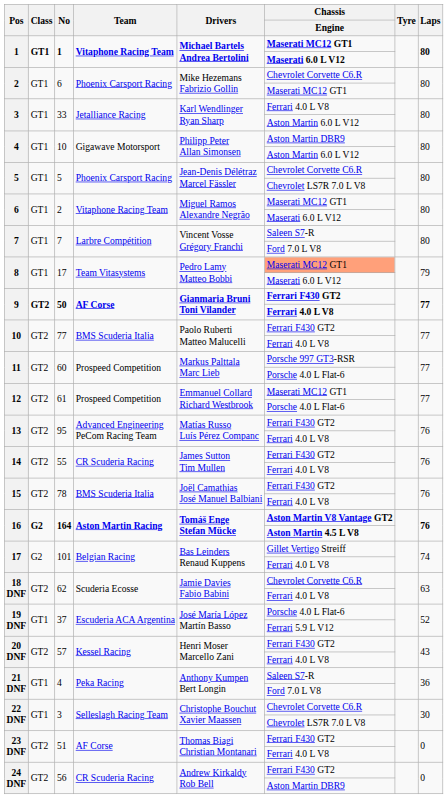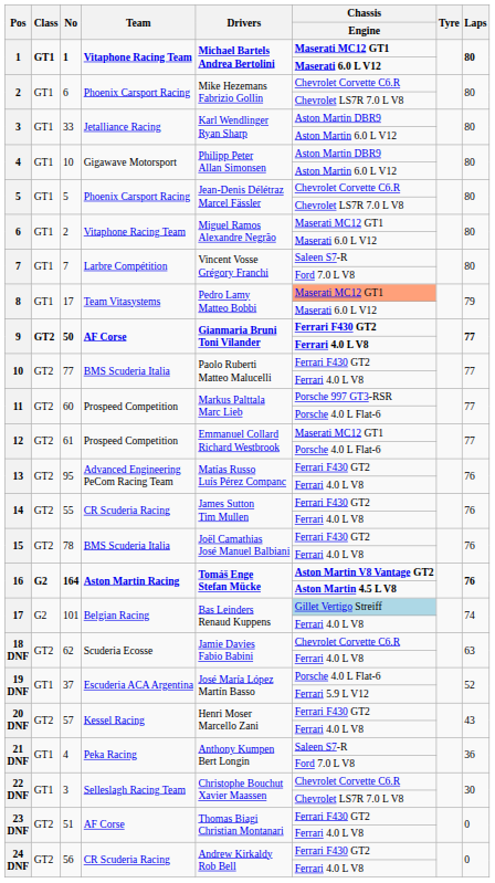 <table class="wikitable" style="font-size: 95%;">
 <tr>
 <th rowspan=2>Pos</th>
 <th rowspan=2>Class</th>
 <th rowspan=2>No</th>
 <th rowspan=2>Team</th>
 <th rowspan=2>Drivers</th>
 <th>Chassis</th>
 <th rowspan=2>Tyre</th>
 <th rowspan=2>Laps</th>
 </tr>
 <tr>
 <th>Engine</th>
 </tr>
 <tr style="font-weight:bold">
 <th rowspan=2>1</th>
 <td rowspan=2>GT1</td>
 <td rowspan=2>1</td>
 <td rowspan=2> <a href='#'>Vitaphone Racing Team</a></td>
 <td rowspan=2> <a href='#'>Michael Bartels</a><br> <a href='#'>Andrea Bertolini</a></td>
 <td><a href='#'>Maserati MC12</a> GT1</td>
 <td rowspan=2></td>
 <td rowspan=2>80</td>
 </tr>
 <tr style="font-weight:bold">
 <td><a href='#'>Maserati</a> 6.0 L V12</td>
 </tr>
 <tr>
 <th rowspan=2>2</th>
 <td rowspan=2>GT1</td>
 <td rowspan=2>6</td>
 <td rowspan=2> <a href='#'>Phoenix Carsport Racing</a></td>
 <td rowspan=2> Mike Hezemans<br> <a href='#'>Fabrizio Gollin</a></td>
 <td><a href='#'>Chevrolet Corvette C6.R</a></td>
 <td rowspan=2></td>
 <td rowspan=2>80</td>
 </tr>
 <tr>
-<td><a href='#'>Maserati MC12</a> GT1</td>
+<td><a href='#'>Chevrolet</a> LS7R 7.0 L V8</td>
 </tr>
 <tr>
 <th rowspan=2>3</th>
 <td rowspan=2>GT1</td>
 <td rowspan=2>33</td>
 <td rowspan=2> <a href='#'>Jetalliance Racing</a></td>
 <td rowspan=2> <a href='#'>Karl Wendlinger</a><br> <a href='#'>Ryan Sharp</a></td>
-<td><a href='#'>Ferrari</a> 4.0 L V8</td>
+<td><a href='#'>Aston Martin DBR9</a></td>
 <td rowspan=2></td>
 <td rowspan=2>80</td>
 </tr>
 <tr>
 <td><a href='#'>Aston Martin</a> 6.0 L V12</td>
 </tr>
 <tr>
 <th rowspan=2>4</th>
 <td rowspan=2>GT1</td>
 <td rowspan=2>10</td>
 <td rowspan=2> Gigawave Motorsport</td>
 <td rowspan=2> <a href='#'>Philipp Peter</a><br> <a href='#'>Allan Simonsen</a></td>
 <td><a href='#'>Aston Martin DBR9</a></td>
 <td rowspan=2></td>
 <td rowspan=2>80</td>
 </tr>
 <tr>
 <td><a href='#'>Aston Martin</a> 6.0 L V12</td>
 </tr>
 <tr>
 <th rowspan=2>5</th>
 <td rowspan=2>GT1</td>
 <td rowspan=2>5</td>
 <td rowspan=2> <a href='#'>Phoenix Carsport Racing</a></td>
 <td rowspan=2> <a href='#'>Jean-Denis Délétraz</a><br> <a href='#'>Marcel Fässler</a></td>
 <td><a href='#'>Chevrolet Corvette C6.R</a></td>
 <td rowspan=2></td>
 <td rowspan=2>80</td>
 </tr>
 <tr>
 <td><a href='#'>Chevrolet</a> LS7R 7.0 L V8</td>
 </tr>
 <tr>
 <th rowspan=2>6</th>
 <td rowspan=2>GT1</td>
 <td rowspan=2>2</td>
 <td rowspan=2> <a href='#'>Vitaphone Racing Team</a></td>
 <td rowspan=2> <a href='#'>Miguel Ramos</a><br> <a href='#'>Alexandre Negrão</a></td>
 <td><a href='#'>Maserati MC12</a> GT1</td>
 <td rowspan=2></td>
 <td rowspan=2>80</td>
 </tr>
 <tr>
 <td><a href='#'>Maserati</a> 6.0 L V12</td>
 </tr>
 <tr>
 <th rowspan=2>7</th>
 <td rowspan=2>GT1</td>
 <td rowspan=2>7</td>
 <td rowspan=2> <a href='#'>Larbre Compétition</a></td>
 <td rowspan=2> Vincent Vosse<br> <a href='#'>Grégory Franchi</a></td>
 <td><a href='#'>Saleen S7</a>-R</td>
 <td rowspan=2></td>
 <td rowspan=2>80</td>
 </tr>
 <tr>
 <td><a href='#'>Ford</a> 7.0 L V8</td>
 </tr>
 <tr>
 <th rowspan=2>8</th>
 <td rowspan=2>GT1</td>
 <td rowspan=2>17</td>
 <td rowspan=2> <a href='#'>Team Vitasystems</a></td>
 <td rowspan=2> <a href='#'>Pedro Lamy</a><br> <a href='#'>Matteo Bobbi</a></td>
 <td style="background: lightsalmon;"><a href='#'>Maserati MC12</a> GT1</td>
 <td rowspan=2></td>
 <td rowspan=2>79</td>
 </tr>
 <tr>
 <td><a href='#'>Maserati</a> 6.0 L V12</td>
 </tr>
 <tr style="font-weight:bold">
 <th rowspan=2>9</th>
 <td rowspan=2>GT2</td>
 <td rowspan=2>50</td>
 <td rowspan=2> <a href='#'>AF Corse</a></td>
 <td rowspan=2> <a href='#'>Gianmaria Bruni</a><br> <a href='#'>Toni Vilander</a></td>
 <td><a href='#'>Ferrari F430</a> GT2</td>
 <td rowspan=2></td>
 <td rowspan=2>77</td>
 </tr>
 <tr style="font-weight:bold">
 <td><a href='#'>Ferrari</a> 4.0 L V8</td>
 </tr>
 <tr>
 <th rowspan=2>10</th>
 <td rowspan=2>GT2</td>
 <td rowspan=2>77</td>
 <td rowspan=2> <a href='#'>BMS Scuderia Italia</a></td>
 <td rowspan=2> Paolo Ruberti<br> Matteo Malucelli</td>
 <td><a href='#'>Ferrari F430</a> GT2</td>
 <td rowspan=2></td>
 <td rowspan=2>77</td>
 </tr>
 <tr>
 <td><a href='#'>Ferrari</a> 4.0 L V8</td>
 </tr>
 <tr>
 <th rowspan=2>11</th>
 <td rowspan=2>GT2</td>
 <td rowspan=2>60</td>
 <td rowspan=2> Prospeed Competition</td>
 <td rowspan=2> <a href='#'>Markus Palttala</a><br> <a href='#'>Marc Lieb</a></td>
 <td><a href='#'>Porsche 997 GT3</a>-RSR</td>
 <td rowspan=2></td>
 <td rowspan=2>77</td>
 </tr>
 <tr>
 <td><a href='#'>Porsche</a> 4.0 L Flat-6</td>
 </tr>
 <tr>
 <th rowspan=2>12</th>
 <td rowspan=2>GT2</td>
 <td rowspan=2>61</td>
 <td rowspan=2> Prospeed Competition</td>
 <td rowspan=2> <a href='#'>Emmanuel Collard</a><br> <a href='#'>Richard Westbrook</a></td>
 <td><a href='#'>Maserati MC12</a> GT1</td>
 <td rowspan=2></td>
 <td rowspan=2>77</td>
 </tr>
 <tr>
 <td><a href='#'>Porsche</a> 4.0 L Flat-6</td>
 </tr>
 <tr>
 <th rowspan=2>13</th>
 <td rowspan=2>GT2</td>
 <td rowspan=2>95</td>
 <td rowspan=2> <a href='#'>Advanced Engineering</a><br> PeCom Racing Team</td>
 <td rowspan=2> <a href='#'>Matías Russo</a><br> <a href='#'>Luís Pérez Companc</a></td>
 <td><a href='#'>Ferrari F430</a> GT2</td>
 <td rowspan=2></td>
 <td rowspan=2>76</td>
 </tr>
 <tr>
 <td><a href='#'>Ferrari</a> 4.0 L V8</td>
 </tr>
 <tr>
 <th rowspan=2>14</th>
 <td rowspan=2>GT2</td>
 <td rowspan=2>55</td>
 <td rowspan=2> <a href='#'>CR Scuderia Racing</a></td>
 <td rowspan=2> <a href='#'>James Sutton</a><br> <a href='#'>Tim Mullen</a></td>
 <td><a href='#'>Ferrari F430</a> GT2</td>
 <td rowspan=2></td>
 <td rowspan=2>76</td>
 </tr>
 <tr>
 <td><a href='#'>Ferrari</a> 4.0 L V8</td>
 </tr>
 <tr>
 <th rowspan=2>15</th>
 <td rowspan=2>GT2</td>
 <td rowspan=2>78</td>
 <td rowspan=2> <a href='#'>BMS Scuderia Italia</a></td>
 <td rowspan=2> <a href='#'>Joël Camathias</a><br> <a href='#'>José Manuel Balbiani</a></td>
 <td><a href='#'>Ferrari F430</a> GT2</td>
 <td rowspan=2></td>
 <td rowspan=2>76</td>
 </tr>
 <tr>
 <td><a href='#'>Ferrari</a> 4.0 L V8</td>
 </tr>
 <tr style="font-weight:bold">
 <th rowspan=2>16</th>
 <td rowspan=2>G2</td>
 <td rowspan=2>164</td>
 <td rowspan=2> <a href='#'>Aston Martin Racing</a></td>
 <td rowspan=2> <a href='#'>Tomáš Enge</a><br> <a href='#'>Stefan Mücke</a></td>
 <td><a href='#'>Aston Martin V8 Vantage</a> GT2</td>
 <td rowspan=2></td>
 <td rowspan=2>76</td>
 </tr>
 <tr style="font-weight:bold">
 <td><a href='#'>Aston Martin</a> 4.5 L V8</td>
 </tr>
 <tr>
 <th rowspan=2>17</th>
 <td rowspan=2>G2</td>
 <td rowspan=2>101</td>
 <td rowspan=2> <a href='#'>Belgian Racing</a></td>
 <td rowspan=2> <a href='#'>Bas Leinders</a><br> Renaud Kuppens</td>
-<td><a href='#'>Gillet Vertigo</a> Streiff</td>
+<td style="background: lightblue;"><a href='#'>Gillet Vertigo</a> Streiff</td>
 <td rowspan=2></td>
 <td rowspan=2>74</td>
 </tr>
 <tr>
 <td><a href='#'>Ferrari</a> 4.0 L V8</td>
 </tr>
 <tr>
 <th rowspan=2>18<br>DNF</th>
 <td rowspan=2>GT2</td>
 <td rowspan=2>62</td>
 <td rowspan=2> Scuderia Ecosse</td>
 <td rowspan=2> <a href='#'>Jamie Davies</a><br> <a href='#'>Fabio Babini</a></td>
 <td><a href='#'>Chevrolet Corvette C6.R</a></td>
 <td rowspan=2></td>
 <td rowspan=2>63</td>
 </tr>
 <tr>
 <td><a href='#'>Ferrari</a> 4.0 L V8</td>
 </tr>
 <tr>
 <th rowspan=2>19<br>DNF</th>
 <td rowspan=2>GT1</td>
 <td rowspan=2>37</td>
 <td rowspan=2> <a href='#'>Escuderia ACA Argentina</a></td>
 <td rowspan=2> <a href='#'>José María López</a><br> Martín Basso</td>
 <td><a href='#'>Porsche</a> 4.0 L Flat-6</td>
 <td rowspan=2></td>
 <td rowspan=2>52</td>
 </tr>
 <tr>
 <td><a href='#'>Ferrari</a> 5.9 L V12</td>
 </tr>
 <tr>
 <th rowspan=2>20<br>DNF</th>
 <td rowspan=2>GT2</td>
 <td rowspan=2>57</td>
 <td rowspan=2> <a href='#'>Kessel Racing</a></td>
 <td rowspan=2> Henri Moser<br> Marcello Zani</td>
 <td><a href='#'>Ferrari F430</a> GT2</td>
 <td rowspan=2></td>
 <td rowspan=2>43</td>
 </tr>
 <tr>
 <td><a href='#'>Ferrari</a> 4.0 L V8</td>
 </tr>
 <tr>
 <th rowspan=2>21<br>DNF</th>
 <td rowspan=2>GT1</td>
 <td rowspan=2>4</td>
 <td rowspan=2> <a href='#'>Peka Racing</a></td>
 <td rowspan=2> <a href='#'>Anthony Kumpen</a><br> Bert Longin</td>
 <td><a href='#'>Saleen S7</a>-R</td>
 <td rowspan=2></td>
 <td rowspan=2>36</td>
 </tr>
 <tr>
 <td><a href='#'>Ford</a> 7.0 L V8</td>
 </tr>
 <tr>
 <th rowspan=2>22<br>DNF</th>
 <td rowspan=2>GT1</td>
 <td rowspan=2>3</td>
 <td rowspan=2> <a href='#'>Selleslagh Racing Team</a></td>
 <td rowspan=2> <a href='#'>Christophe Bouchut</a><br> <a href='#'>Xavier Maassen</a></td>
 <td><a href='#'>Chevrolet Corvette C6.R</a></td>
 <td rowspan=2></td>
 <td rowspan=2>30</td>
 </tr>
 <tr>
 <td><a href='#'>Chevrolet</a> LS7R 7.0 L V8</td>
 </tr>
 <tr>
 <th rowspan=2>23<br>DNF</th>
 <td rowspan=2>GT2</td>
 <td rowspan=2>51</td>
 <td rowspan=2> <a href='#'>AF Corse</a></td>
 <td rowspan=2> <a href='#'>Thomas Biagi</a><br> <a href='#'>Christian Montanari</a></td>
 <td><a href='#'>Ferrari F430</a> GT2</td>
 <td rowspan=2></td>
 <td rowspan=2>0</td>
 </tr>
 <tr>
 <td><a href='#'>Ferrari</a> 4.0 L V8</td>
 </tr>
 <tr>
 <th rowspan=2>24<br>DNF</th>
 <td rowspan=2>GT2</td>
 <td rowspan=2>56</td>
 <td rowspan=2> <a href='#'>CR Scuderia Racing</a></td>
 <td rowspan=2> <a href='#'>Andrew Kirkaldy</a><br> <a href='#'>Rob Bell</a></td>
 <td><a href='#'>Ferrari F430</a> GT2</td>
 <td rowspan=2></td>
 <td rowspan=2>0</td>
 </tr>
 <tr>
-<td><a href='#'>Aston Martin DBR9</a></td>
+<td><a href='#'>Ferrari</a> 4.0 L V8</td>
 </tr>
 </table>
